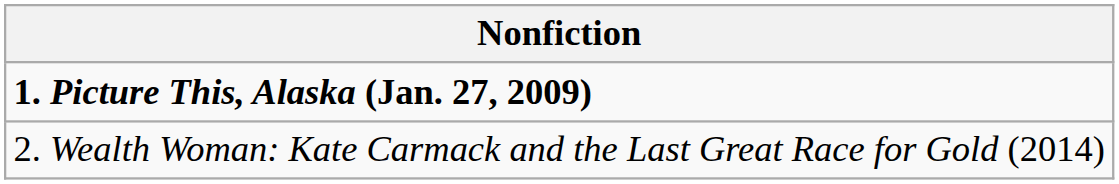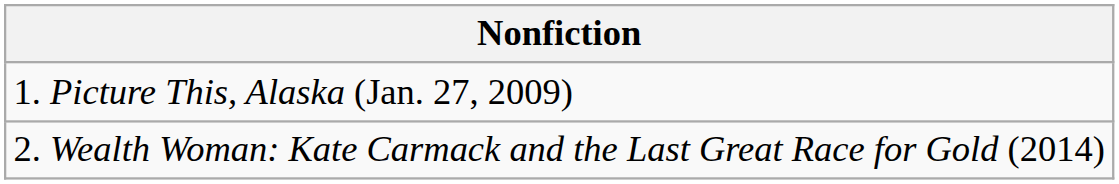 <table class="wikitable">
 <tr>
 <th>Nonfiction</th>
 </tr>
 <tr>
-<td><strong>1. <em>Picture This, Alaska</em> (Jan. 27, 2009)</strong></td>
+<td>1. <em>Picture This, Alaska</em> (Jan. 27, 2009)</td>
 </tr>
 <tr>
 <td>2. <em>Wealth Woman: Kate Carmack and the Last Great Race for Gold</em> (2014)</td>
 </tr>
 </table>
